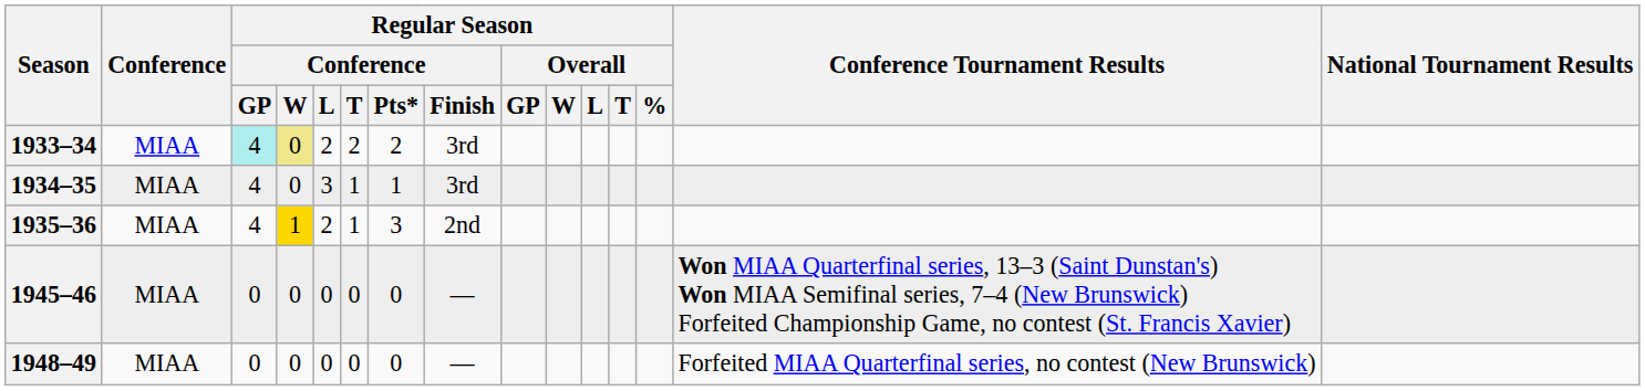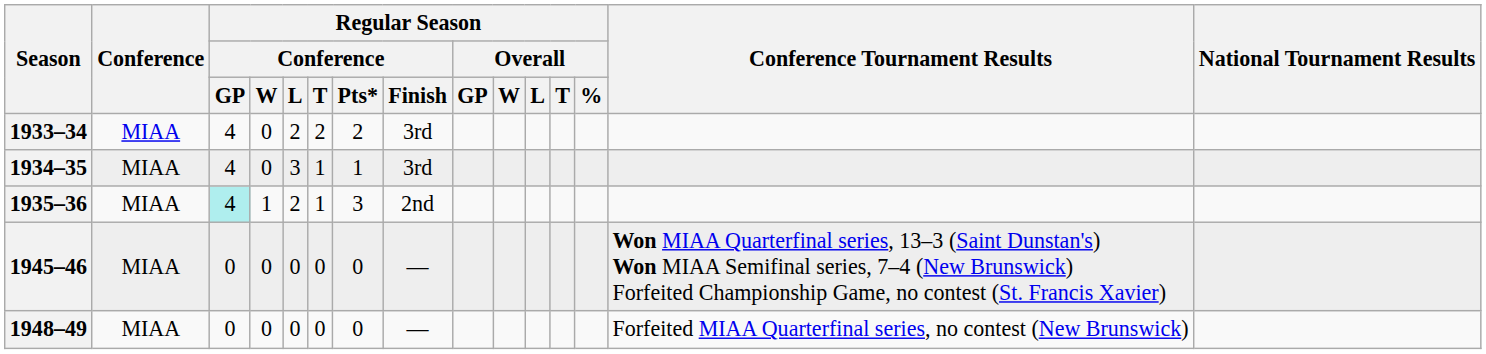 <table class="wikitable" style="text-align: center; font-size: 95%">
 <tr>
 <th rowspan="3">Season</th>
 <th rowspan="3">Conference</th>
 <th colspan="11">Regular Season</th>
 <th rowspan="3">Conference Tournament Results</th>
 <th rowspan="3">National Tournament Results</th>
 </tr>
 <tr>
 <th colspan="6">Conference</th>
 <th colspan="5">Overall</th>
 </tr>
 <tr>
 <th>GP</th>
 <th>W</th>
 <th>L</th>
 <th>T</th>
 <th>Pts*</th>
 <th>Finish</th>
 <th>GP</th>
 <th>W</th>
 <th>L</th>
 <th>T</th>
 <th>%</th>
 </tr>
 <tr>
 <th>1933–34</th>
 <td><a href='#'>MIAA</a></td>
-<td style="background: paleturquoise;">4</td>
-<td style="background: khaki;">0</td>
+<td>4</td>
+<td>0</td>
 <td>2</td>
 <td>2</td>
 <td>2</td>
 <td>3rd</td>
 <td></td>
 <td></td>
 <td></td>
 <td></td>
 <td></td>
 <td align="left"></td>
 <td align="left"></td>
 </tr>
 <tr bgcolor=eeeeee>
 <th>1934–35</th>
 <td>MIAA</td>
 <td>4</td>
 <td>0</td>
 <td>3</td>
 <td>1</td>
 <td>1</td>
 <td>3rd</td>
 <td></td>
 <td></td>
 <td></td>
 <td></td>
 <td></td>
 <td align="left"></td>
 <td align="left"></td>
 </tr>
 <tr>
 <th>1935–36</th>
 <td>MIAA</td>
-<td>4</td>
-<td style="background: gold;">1</td>
+<td style="background: paleturquoise;">4</td>
+<td>1</td>
 <td>2</td>
 <td>1</td>
 <td>3</td>
 <td>2nd</td>
 <td></td>
 <td></td>
 <td></td>
 <td></td>
 <td></td>
 <td align="left"></td>
 <td align="left"></td>
 </tr>
 <tr bgcolor=eeeeee>
 <th>1945–46</th>
 <td>MIAA</td>
 <td>0</td>
 <td>0</td>
 <td>0</td>
 <td>0</td>
 <td>0</td>
 <td>—</td>
 <td></td>
 <td></td>
 <td></td>
 <td></td>
 <td></td>
 <td align="left"><strong>Won</strong> <a href='#'>MIAA Quarterfinal series</a>, 13–3 (<a href='#'>Saint Dunstan's</a>)<br><strong>Won</strong> MIAA Semifinal series, 7–4 (<a href='#'>New Brunswick</a>)<br>Forfeited Championship Game, no contest (<a href='#'>St. Francis Xavier</a>)</td>
 <td align="left"></td>
 </tr>
 <tr>
 <th>1948–49</th>
 <td>MIAA</td>
 <td>0</td>
 <td>0</td>
 <td>0</td>
 <td>0</td>
 <td>0</td>
 <td>—</td>
 <td></td>
 <td></td>
 <td></td>
 <td></td>
 <td></td>
 <td align="left">Forfeited <a href='#'>MIAA Quarterfinal series</a>, no contest (<a href='#'>New Brunswick</a>)</td>
 <td align="left"></td>
 </tr>
 </table>
